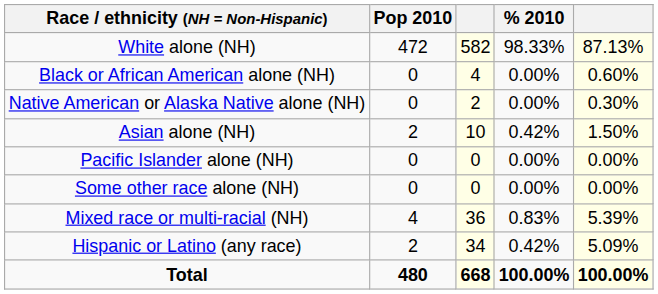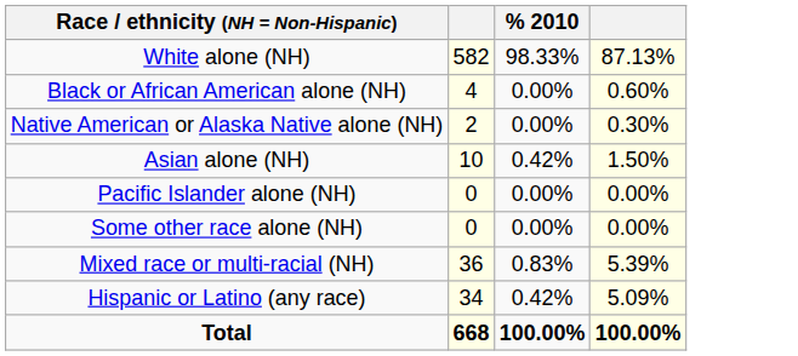 <table class="wikitable" style="text-align:center;">
 <tr>
 <th>Race / ethnicity <small>(<em>NH = Non-Hispanic</em>)</small></th>
-<th>Pop 2010</th>
 <th></th>
 <th>% 2010</th>
 <th></th>
 </tr>
 <tr>
 <td><a href='#'>White</a> alone (NH)</td>
-<td>472</td>
 <td style='background: #ffffe6;'>582</td>
 <td>98.33%</td>
 <td style='background: #ffffe6;'>87.13%</td>
 </tr>
 <tr>
 <td><a href='#'>Black or African American</a> alone (NH)</td>
-<td>0</td>
 <td style='background: #ffffe6;'>4</td>
 <td>0.00%</td>
 <td style='background: #ffffe6;'>0.60%</td>
 </tr>
 <tr>
 <td><a href='#'>Native American</a> or <a href='#'>Alaska Native</a> alone (NH)</td>
-<td>0</td>
 <td style='background: #ffffe6;'>2</td>
 <td>0.00%</td>
 <td style='background: #ffffe6;'>0.30%</td>
 </tr>
 <tr>
 <td><a href='#'>Asian</a> alone (NH)</td>
-<td>2</td>
 <td style='background: #ffffe6;'>10</td>
 <td>0.42%</td>
 <td style='background: #ffffe6;'>1.50%</td>
 </tr>
 <tr>
 <td><a href='#'>Pacific Islander</a> alone (NH)</td>
-<td>0</td>
 <td style='background: #ffffe6;'>0</td>
 <td>0.00%</td>
 <td style='background: #ffffe6;'>0.00%</td>
 </tr>
 <tr>
 <td><a href='#'>Some other race</a> alone (NH)</td>
-<td>0</td>
 <td style='background: #ffffe6;'>0</td>
 <td>0.00%</td>
 <td style='background: #ffffe6;'>0.00%</td>
 </tr>
 <tr>
 <td><a href='#'>Mixed race or multi-racial</a> (NH)</td>
-<td>4</td>
 <td style='background: #ffffe6;'>36</td>
 <td>0.83%</td>
 <td style='background: #ffffe6;'>5.39%</td>
 </tr>
 <tr>
 <td><a href='#'>Hispanic or Latino</a> (any race)</td>
-<td>2</td>
 <td style='background: #ffffe6;'>34</td>
 <td>0.42%</td>
 <td style='background: #ffffe6;'>5.09%</td>
 </tr>
 <tr>
 <td><strong>Total</strong></td>
-<td><strong>480</strong></td>
 <td style='background: #ffffe6;'><strong>668</strong></td>
 <td><strong>100.00%</strong></td>
 <td style='background: #ffffe6;'><strong>100.00%</strong></td>
 </tr>
 </table>
